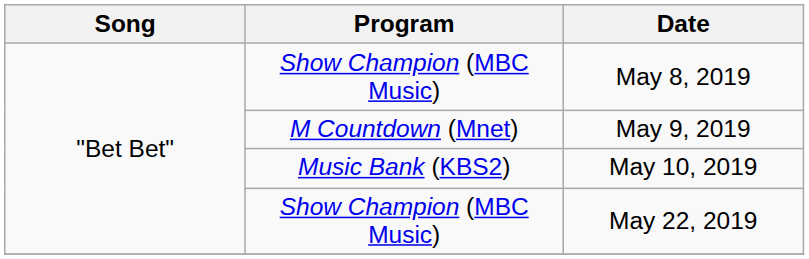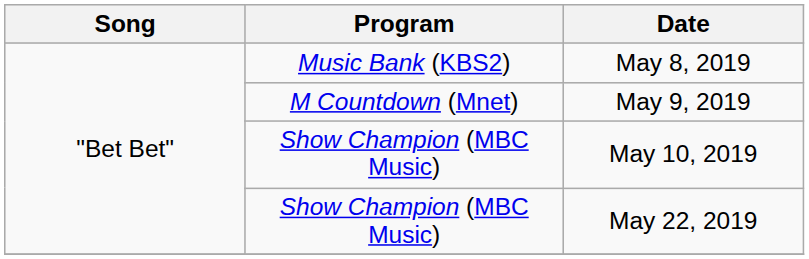 <table class="wikitable" style="text-align:center;">
 <tr>
 <th style="width:150px;">Song</th>
 <th style="width:200px;">Program</th>
 <th style="width:150px;">Date</th>
 </tr>
 <tr>
 <td rowspan=4>"Bet Bet"</td>
-<td><em><a href='#'>Show Champion</a></em> (<a href='#'>MBC Music</a>)</td>
+<td><em><a href='#'>Music Bank</a></em> (<a href='#'>KBS2</a>)</td>
 <td>May 8, 2019</td>
 </tr>
 <tr>
 <td><em><a href='#'>M Countdown</a></em> (<a href='#'>Mnet</a>)</td>
 <td>May 9, 2019</td>
 </tr>
 <tr>
-<td><em><a href='#'>Music Bank</a></em> (<a href='#'>KBS2</a>)</td>
+<td><em><a href='#'>Show Champion</a></em> (<a href='#'>MBC Music</a>)</td>
 <td>May 10, 2019</td>
 </tr>
 <tr>
 <td><em><a href='#'>Show Champion</a></em> (<a href='#'>MBC Music</a>)</td>
 <td>May 22, 2019</td>
 </tr>
 <tr>
 </tr>
 </table>
